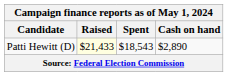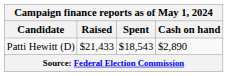 <table class="wikitable sortable">
 <tr>
 <th colspan=4>Campaign finance reports as of May 1, 2024</th>
 </tr>
 <tr style="text-align:center;">
 <th>Candidate</th>
 <th>Raised</th>
 <th>Spent</th>
 <th>Cash on hand</th>
 </tr>
 <tr>
 <td>Patti Hewitt (D)</td>
-<td style="background: lightyellow;">$21,433</td>
+<td>$21,433</td>
 <td>$18,543</td>
 <td>$2,890</td>
 </tr>
 <tr>
 <th colspan="4"><small>Source: <a href='#'>Federal Election Commission</a></small></th>
 </tr>
 </table>
